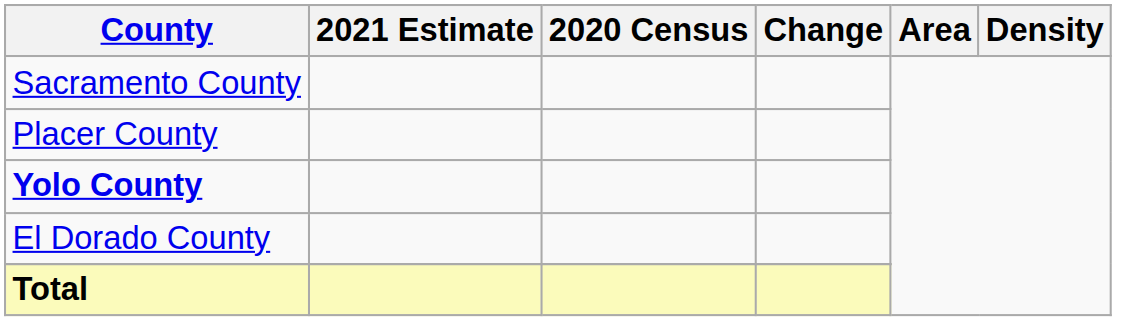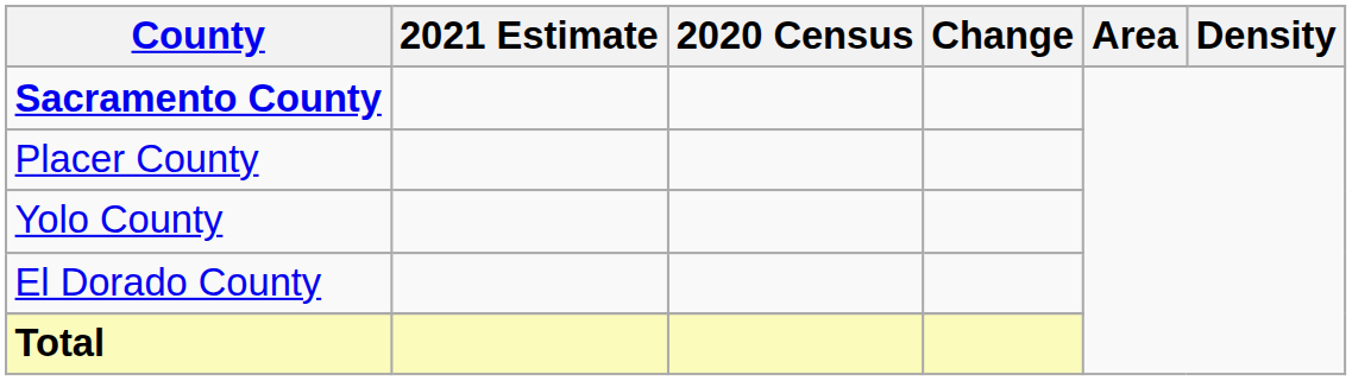 <table class="wikitable sortable">
 <tr>
 <th><a href='#'>County</a></th>
 <th>2021 Estimate</th>
 <th>2020 Census</th>
 <th>Change</th>
 <th>Area</th>
 <th>Density</th>
 </tr>
 <tr>
-<td><a href='#'>Sacramento County</a></td>
+<td><strong><a href='#'>Sacramento County</a></strong></td>
 <td></td>
 <td></td>
 <td></td>
 </tr>
 <tr>
 <td><a href='#'>Placer County</a></td>
 <td></td>
 <td></td>
 <td></td>
 </tr>
 <tr>
-<td><strong><a href='#'>Yolo County</a></strong></td>
+<td><a href='#'>Yolo County</a></td>
 <td></td>
 <td></td>
 <td></td>
 </tr>
 <tr>
 <td><a href='#'>El Dorado County</a></td>
 <td></td>
 <td></td>
 <td></td>
 </tr>
 <tr>
 </tr>
 <tr class=sortbottom style="background:#fbfbbb">
 <td><strong>Total</strong></td>
 <td></td>
 <td></td>
 <td></td>
 </tr>
 </table>
